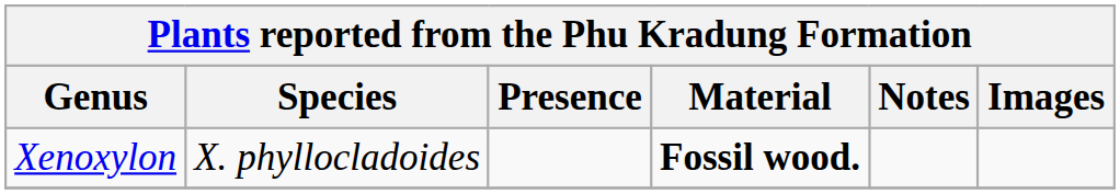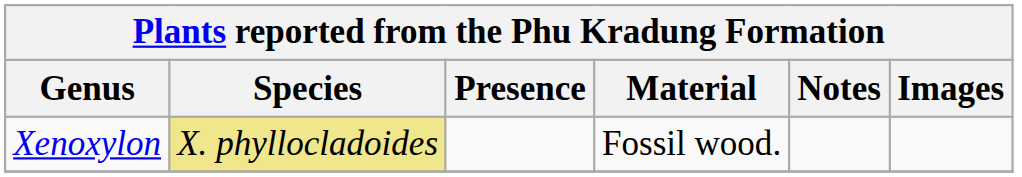 <table class="wikitable" align="center">
 <tr>
 <th colspan="6" align="center"><strong><a href='#'>Plants</a> reported from the Phu Kradung Formation</strong></th>
 </tr>
 <tr>
 <th>Genus</th>
 <th>Species</th>
 <th>Presence</th>
 <th><strong>Material</strong></th>
 <th>Notes</th>
 <th>Images</th>
 </tr>
 <tr>
 <td><em><a href='#'>Xenoxylon</a></em></td>
-<td><em>X. phyllocladoides</em></td>
+<td style="background: khaki;"><em>X. phyllocladoides</em></td>
 <td></td>
-<td><strong>Fossil wood.</strong></td>
+<td>Fossil wood.</td>
 <td></td>
 <td></td>
 </tr>
 <tr>
 </tr>
 </table>
